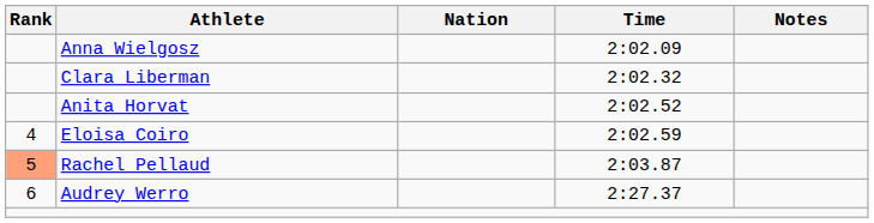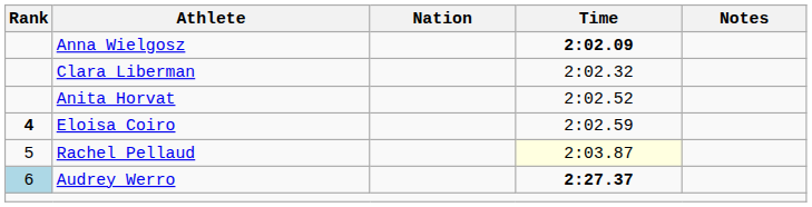 <table class="wikitable sortable" style="text-align:center;width: 50%;">
 <tr>
 <th scope="col" style="width: 10px;">Rank</th>
 <th scope="col">Athlete</th>
 <th scope="col">Nation</th>
 <th scope="col">Time</th>
 <th scope="col">Notes</th>
 </tr>
 <tr>
 <td></td>
 <td align=left><a href='#'>Anna Wielgosz</a></td>
 <td align=left></td>
-<td>2:02.09</td>
+<td><strong>2:02.09</strong></td>
 <td></td>
 </tr>
 <tr>
 <td></td>
 <td align=left><a href='#'>Clara Liberman</a></td>
 <td align=left></td>
 <td>2:02.32</td>
 <td></td>
 </tr>
 <tr>
 <td></td>
 <td align=left><a href='#'>Anita Horvat</a></td>
 <td align=left></td>
 <td>2:02.52</td>
 <td></td>
 </tr>
 <tr>
-<td>4</td>
+<td><strong>4</strong></td>
 <td align=left><a href='#'>Eloisa Coiro</a></td>
 <td align=left></td>
 <td>2:02.59</td>
 <td></td>
 </tr>
 <tr>
-<td style="background: lightsalmon;">5</td>
+<td>5</td>
 <td align=left><a href='#'>Rachel Pellaud</a></td>
 <td align=left></td>
-<td>2:03.87</td>
+<td style="background: lightyellow;">2:03.87</td>
 <td></td>
 </tr>
 <tr>
-<td>6</td>
+<td style="background: lightblue;">6</td>
 <td align=left><a href='#'>Audrey Werro</a></td>
 <td align=left></td>
-<td>2:27.37</td>
+<td><strong>2:27.37</strong></td>
 <td></td>
 </tr>
 <tr class="sortbottom">
 <td colspan="5"></td>
 </tr>
 </table>
